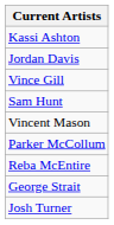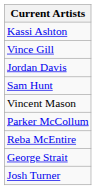 <table class="wikitable">
 <tr>
 <th>Current Artists</th>
 </tr>
 <tr>
 <td><a href='#'>Kassi Ashton</a></td>
 </tr>
 <tr>
-<td><a href='#'>Jordan Davis</a></td>
+<td><a href='#'>Vince Gill</a></td>
 </tr>
 <tr>
-<td><a href='#'>Vince Gill</a></td>
+<td><a href='#'>Jordan Davis</a></td>
 </tr>
 <tr>
 <td><a href='#'>Sam Hunt</a></td>
 </tr>
 <tr>
 <td>Vincent Mason</td>
 </tr>
 <tr>
 <td><a href='#'>Parker McCollum</a></td>
 </tr>
 <tr>
 <td><a href='#'>Reba McEntire</a></td>
 </tr>
 <tr>
 <td><a href='#'>George Strait</a></td>
 </tr>
 <tr>
 <td><a href='#'>Josh Turner</a></td>
 </tr>
 </table>
